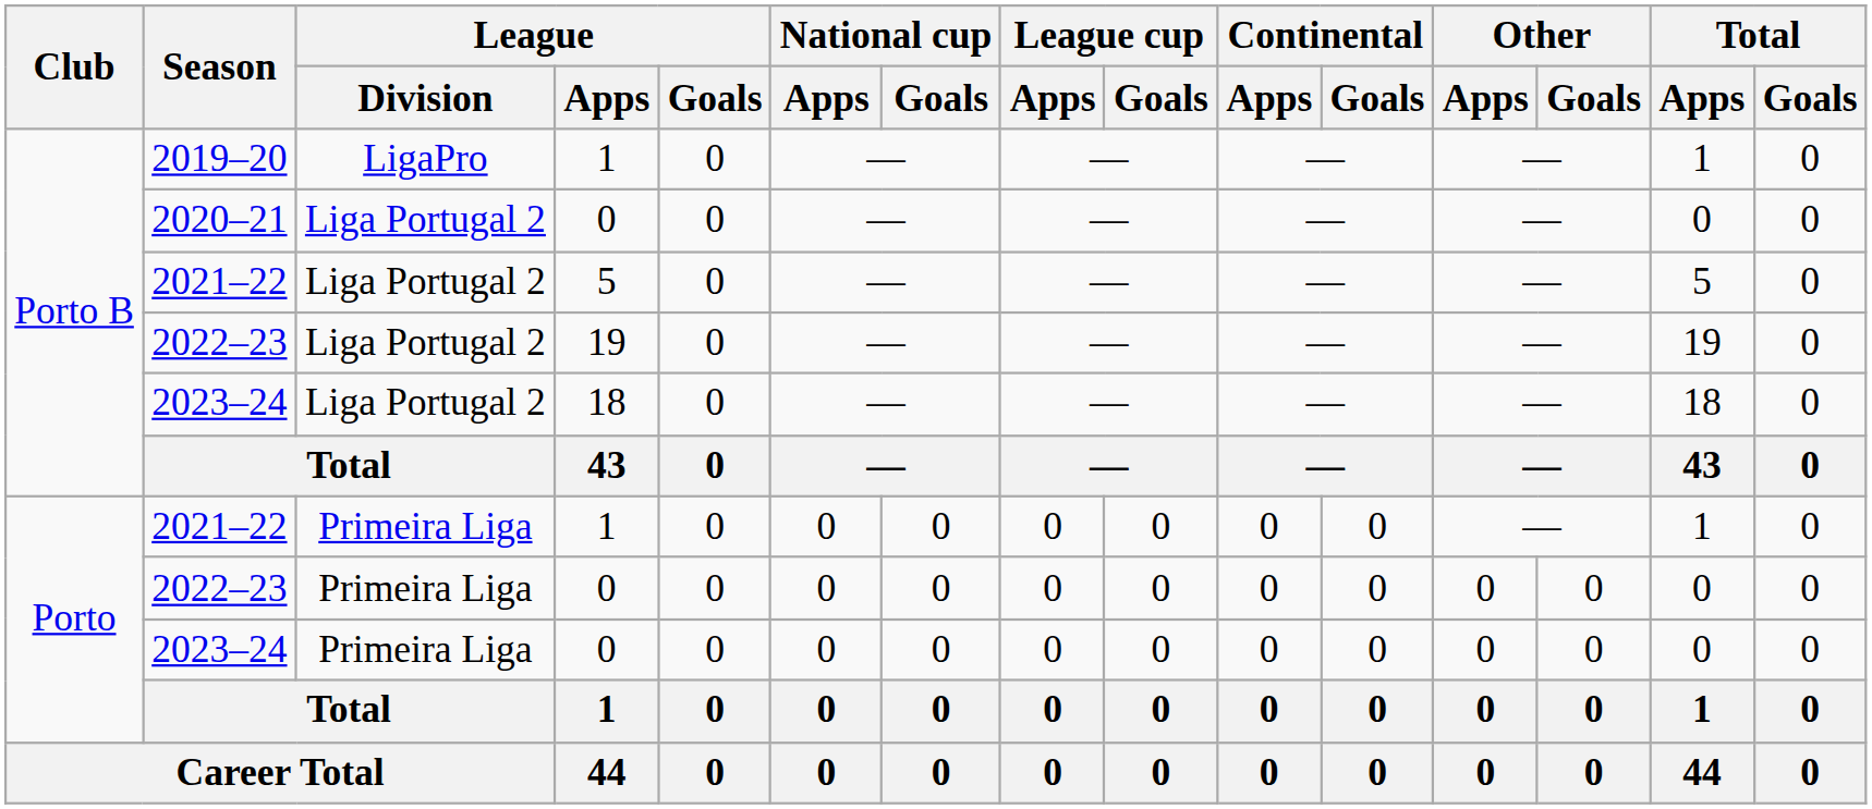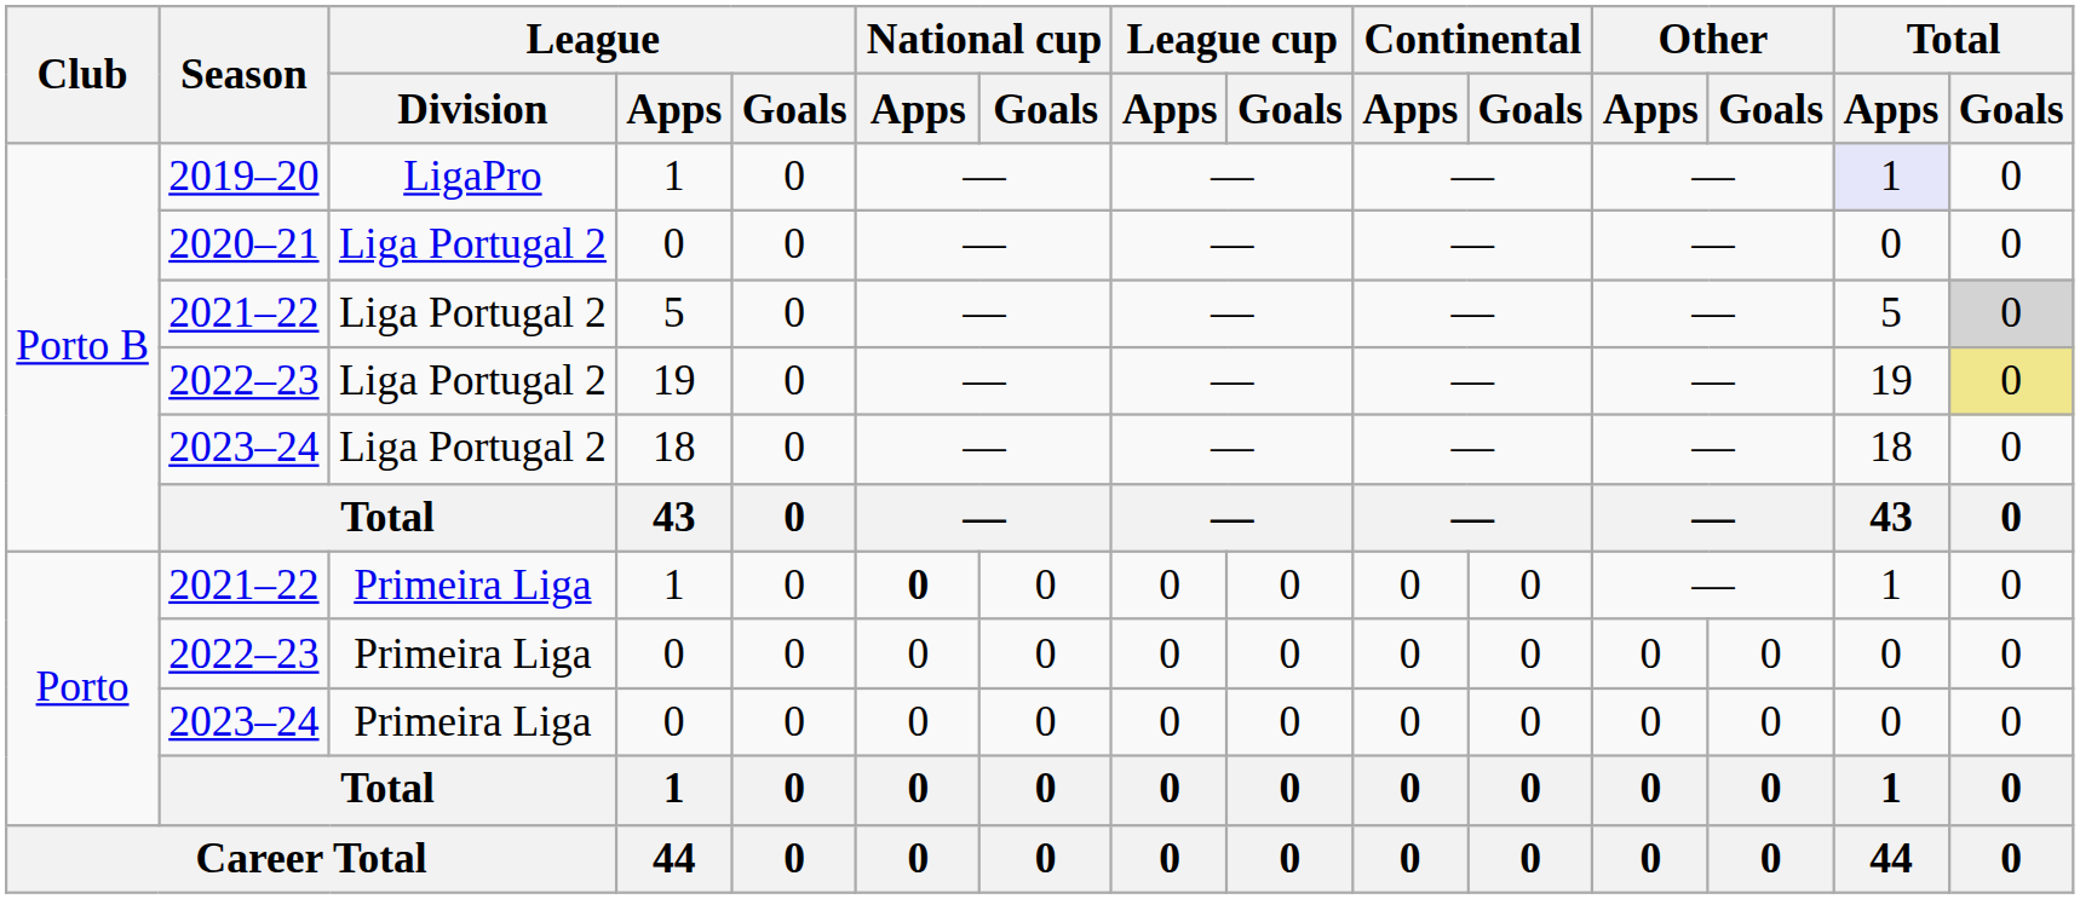 <table class="wikitable" style="text-align: center">
 <tr>
 <th rowspan="2">Club</th>
 <th rowspan="2">Season</th>
 <th colspan="3">League</th>
 <th colspan="2">National cup</th>
 <th colspan="2">League cup</th>
 <th colspan="2">Continental</th>
 <th colspan="2">Other</th>
 <th colspan="2">Total</th>
 </tr>
 <tr>
 <th>Division</th>
 <th>Apps</th>
 <th>Goals</th>
 <th>Apps</th>
 <th>Goals</th>
 <th>Apps</th>
 <th>Goals</th>
 <th>Apps</th>
 <th>Goals</th>
 <th>Apps</th>
 <th>Goals</th>
 <th>Apps</th>
 <th>Goals</th>
 </tr>
 <tr>
 <td rowspan="6"><a href='#'>Porto B</a></td>
 <td><a href='#'>2019–20</a></td>
 <td><a href='#'>LigaPro</a></td>
 <td>1</td>
 <td>0</td>
 <td colspan="2">—</td>
 <td colspan="2">—</td>
 <td colspan="2">—</td>
 <td colspan="2">—</td>
-<td>1</td>
+<td style="background: lavender;">1</td>
 <td>0</td>
 </tr>
 <tr>
 <td><a href='#'>2020–21</a></td>
 <td><a href='#'>Liga Portugal 2</a></td>
 <td>0</td>
 <td>0</td>
 <td colspan="2">—</td>
 <td colspan="2">—</td>
 <td colspan="2">—</td>
 <td colspan="2">—</td>
 <td>0</td>
 <td>0</td>
 </tr>
 <tr>
 <td><a href='#'>2021–22</a></td>
 <td>Liga Portugal 2</td>
 <td>5</td>
 <td>0</td>
 <td colspan="2">—</td>
 <td colspan="2">—</td>
 <td colspan="2">—</td>
 <td colspan="2">—</td>
 <td>5</td>
-<td>0</td>
+<td style="background: lightgrey;">0</td>
 </tr>
 <tr>
 <td><a href='#'>2022–23</a></td>
 <td>Liga Portugal 2</td>
 <td>19</td>
 <td>0</td>
 <td colspan="2">—</td>
 <td colspan="2">—</td>
 <td colspan="2">—</td>
 <td colspan="2">—</td>
 <td>19</td>
-<td>0</td>
+<td style="background: khaki;">0</td>
 </tr>
 <tr>
 <td><a href='#'>2023–24</a></td>
 <td>Liga Portugal 2</td>
 <td>18</td>
 <td>0</td>
 <td colspan="2">—</td>
 <td colspan="2">—</td>
 <td colspan="2">—</td>
 <td colspan="2">—</td>
 <td>18</td>
 <td>0</td>
 </tr>
 <tr>
 <th colspan="2">Total</th>
 <th>43</th>
 <th>0</th>
 <th colspan="2">—</th>
 <th colspan="2">—</th>
 <th colspan="2">—</th>
 <th colspan="2">—</th>
 <th>43</th>
 <th>0</th>
 </tr>
 <tr>
 <td rowspan="4"><a href='#'>Porto</a></td>
 <td><a href='#'>2021–22</a></td>
 <td><a href='#'>Primeira Liga</a></td>
 <td>1</td>
 <td>0</td>
-<td>0</td>
+<td><strong>0</strong></td>
 <td>0</td>
 <td>0</td>
 <td>0</td>
 <td>0</td>
 <td>0</td>
 <td colspan="2">—</td>
 <td>1</td>
 <td>0</td>
 </tr>
 <tr>
 <td><a href='#'>2022–23</a></td>
 <td>Primeira Liga</td>
 <td>0</td>
 <td>0</td>
 <td>0</td>
 <td>0</td>
 <td>0</td>
 <td>0</td>
 <td>0</td>
 <td>0</td>
 <td>0</td>
 <td>0</td>
 <td>0</td>
 <td>0</td>
 </tr>
 <tr>
 <td><a href='#'>2023–24</a></td>
 <td>Primeira Liga</td>
 <td>0</td>
 <td>0</td>
 <td>0</td>
 <td>0</td>
 <td>0</td>
 <td>0</td>
 <td>0</td>
 <td>0</td>
 <td>0</td>
 <td>0</td>
 <td>0</td>
 <td>0</td>
 </tr>
 <tr>
 <th colspan="2">Total</th>
 <th>1</th>
 <th>0</th>
 <th>0</th>
 <th>0</th>
 <th>0</th>
 <th>0</th>
 <th>0</th>
 <th>0</th>
 <th>0</th>
 <th>0</th>
 <th>1</th>
 <th>0</th>
 </tr>
 <tr>
 <th colspan="3">Career Total</th>
 <th>44</th>
 <th>0</th>
 <th>0</th>
 <th>0</th>
 <th>0</th>
 <th>0</th>
 <th>0</th>
 <th>0</th>
 <th>0</th>
 <th>0</th>
 <th>44</th>
 <th>0</th>
 </tr>
 </table>
